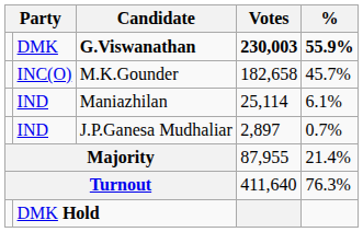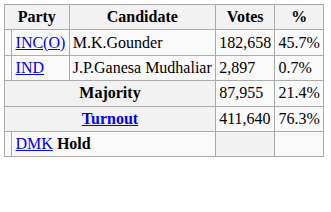 <table class="wikitable sortable">
 <tr>
 <th colspan="2">Party</th>
 <th>Candidate</th>
 <th>Votes</th>
 <th>%</th>
 </tr>
 <tr>
 <td></td>
-<td><a href='#'>DMK</a></td>
-<td><strong>G.Viswanathan</strong></td>
-<td><strong>230,003</strong></td>
-<td><strong>55.9%</strong></td>
-</tr>
-<tr>
-<td></td>
 <td><a href='#'>INC(O)</a></td>
 <td>M.K.Gounder</td>
 <td>182,658</td>
 <td>45.7%</td>
-</tr>
-<tr>
-<td></td>
-<td><a href='#'>IND</a></td>
-<td>Maniazhilan</td>
-<td>25,114</td>
-<td>6.1%</td>
 </tr>
 <tr>
 <td></td>
 <td><a href='#'>IND</a></td>
 <td>J.P.Ganesa Mudhaliar</td>
 <td>2,897</td>
 <td>0.7%</td>
 </tr>
 <tr>
 <th colspan="3">Majority</th>
 <td>87,955</td>
 <td>21.4%</td>
 </tr>
 <tr>
 <th colspan="3"><a href='#'>Turnout</a></th>
 <td>411,640</td>
 <td>76.3%</td>
 </tr>
 <tr>
 <td></td>
 <td colspan="2"><a href='#'>DMK</a> <strong>Hold</strong></td>
 <th></th>
 <td></td>
 </tr>
 </table>
